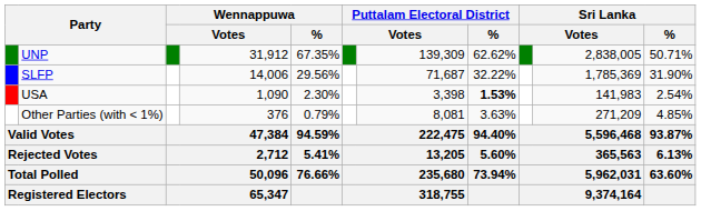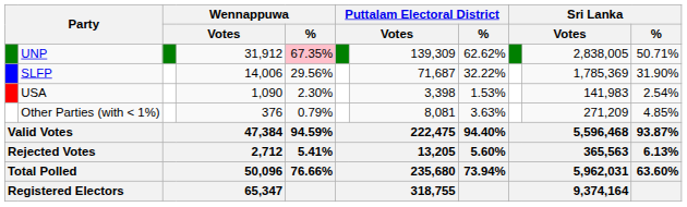 <table class="wikitable">
 <tr>
 <th colspan="2" width="144px"rowspan="2">Party</th>
 <th colspan="3" width="216px">Wennappuwa</th>
 <th colspan="3" width="216px"><a href='#'>Puttalam Electoral District</a></th>
 <th colspan="3" width="216px">Sri Lanka</th>
 </tr>
 <tr>
 <th colspan="2" width="144px">Votes</th>
 <th>%</th>
 <th colspan="2" width="144px">Votes</th>
 <th>%</th>
 <th colspan="2" width="144px">Votes</th>
 <th>%</th>
 </tr>
 <tr>
 <td style="background-color:green;" width="10px"></td>
 <td style="text-align:left;"><a href='#'>UNP</a></td>
 <td style="background-color:green;" width="10px"></td>
 <td style="text-align:right;">31,912</td>
-<td style="text-align:right;">67.35%</td>
+<td style="background: pink; text-align:right;">67.35%</td>
 <td style="background-color:green;" width="10px"></td>
 <td style="text-align:right;">139,309</td>
 <td style="text-align:right;">62.62%</td>
 <td style="background-color:green;" width="10px"></td>
 <td style="text-align:right;">2,838,005</td>
 <td style="text-align:right;">50.71%</td>
 </tr>
 <tr>
 <td style="background-color:blue;" width="10px"></td>
 <td style="text-align:left;"><a href='#'>SLFP</a></td>
 <td style="background-color:white;" width="10px"></td>
 <td style="text-align:right;">14,006</td>
 <td style="text-align:right;">29.56%</td>
 <td style="background-color:white;" width="10px"></td>
 <td style="text-align:right;">71,687</td>
 <td style="text-align:right;">32.22%</td>
 <td style="background-color:white;" width="10px"></td>
 <td style="text-align:right;">1,785,369</td>
 <td style="text-align:right;">31.90%</td>
 </tr>
 <tr>
 <td style="background-color:red;" width="10px"></td>
 <td style="text-align:left;">USA</td>
 <td style="background-color:white;" width="10px"></td>
 <td style="text-align:right;">1,090</td>
 <td style="text-align:right;">2.30%</td>
 <td style="background-color:white;" width="10px"></td>
 <td style="text-align:right;">3,398</td>
-<td style="text-align:right;"><strong>1.53%</strong></td>
+<td style="text-align:right;">1.53%</td>
 <td style="background-color:white;" width="10px"></td>
 <td style="text-align:right;">141,983</td>
 <td style="text-align:right;">2.54%</td>
 </tr>
 <tr>
 <td style="background-color:white;" width="10px"></td>
 <td style="text-align:left;">Other Parties (with < 1%)</td>
 <td style="background-color:white;" width="10px"></td>
 <td style="text-align:right;">376</td>
 <td style="text-align:right;">0.79%</td>
 <td style="background-color:white;" width="10px"></td>
 <td style="text-align:right;">8,081</td>
 <td style="text-align:right;">3.63%</td>
 <td style="background-color:white;" width="10px"></td>
 <td style="text-align:right;">271,209</td>
 <td style="text-align:right;">4.85%</td>
 </tr>
 <tr>
 <th colspan="2" width="144px"style="text-align:left;">Valid Votes</th>
 <th style="text-align:right;"colspan="2" width="144px">47,384</th>
 <th style="text-align:right;">94.59%</th>
 <th style="text-align:right;"colspan="2" width="144px">222,475</th>
 <th style="text-align:right;">94.40%</th>
 <th style="text-align:right;"colspan="2" width="144px">5,596,468</th>
 <th style="text-align:right;">93.87%</th>
 </tr>
 <tr>
 <th colspan="2" width="144px"style="text-align:left;">Rejected Votes</th>
 <th style="text-align:right;"colspan="2" width="144px">2,712</th>
 <th style="text-align:right;">5.41%</th>
 <th style="text-align:right;"colspan="2" width="144px">13,205</th>
 <th style="text-align:right;">5.60%</th>
 <th style="text-align:right;"colspan="2" width="144px">365,563</th>
 <th style="text-align:right;">6.13%</th>
 </tr>
 <tr>
 <th colspan="2" width="144px"style="text-align:left;">Total Polled</th>
 <th style="text-align:right;"colspan="2" width="144px">50,096</th>
 <th style="text-align:right;">76.66%</th>
 <th style="text-align:right;"colspan="2" width="144px">235,680</th>
 <th style="text-align:right;">73.94%</th>
 <th style="text-align:right;"colspan="2" width="144px">5,962,031</th>
 <th style="text-align:right;">63.60%</th>
 </tr>
 <tr>
 <th colspan="2" width="144px"style="text-align:left;">Registered Electors</th>
 <th style="text-align:right;"colspan="2" width="144px">65,347</th>
 <th></th>
 <th style="text-align:right;"colspan="2" width="144px">318,755</th>
 <th></th>
 <th style="text-align:right;"colspan="2" width="144px">9,374,164</th>
 <th></th>
 </tr>
 </table>
